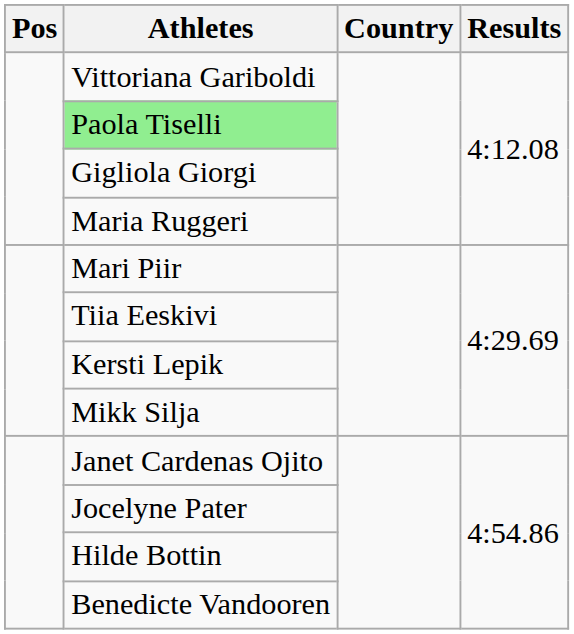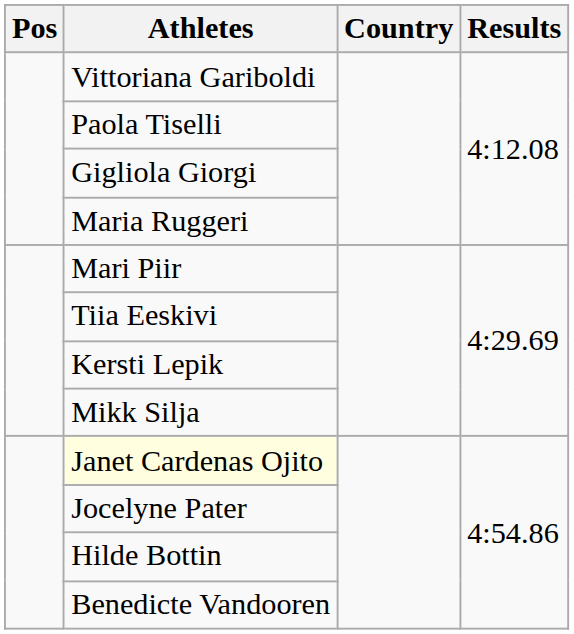 <table class="wikitable">
 <tr>
 <th>Pos</th>
 <th>Athletes</th>
 <th>Country</th>
 <th>Results</th>
 </tr>
 <tr>
 <td rowspan="4"></td>
 <td>Vittoriana Gariboldi</td>
 <td rowspan="4"></td>
 <td rowspan="4">4:12.08</td>
 </tr>
 <tr>
-<td style="background: lightgreen;">Paola Tiselli</td>
+<td>Paola Tiselli</td>
 </tr>
 <tr>
 <td>Gigliola Giorgi</td>
 </tr>
 <tr>
 <td>Maria Ruggeri</td>
 </tr>
 <tr>
 <td rowspan="4"></td>
 <td>Mari Piir</td>
 <td rowspan="4"></td>
 <td rowspan="4">4:29.69</td>
 </tr>
 <tr>
 <td>Tiia Eeskivi</td>
 </tr>
 <tr>
 <td>Kersti Lepik</td>
 </tr>
 <tr>
 <td>Mikk Silja</td>
 </tr>
 <tr>
 <td rowspan="4"></td>
-<td>Janet Cardenas Ojito</td>
+<td style="background: lightyellow;">Janet Cardenas Ojito</td>
 <td rowspan="4"></td>
 <td rowspan="4">4:54.86</td>
 </tr>
 <tr>
 <td>Jocelyne Pater</td>
 </tr>
 <tr>
 <td>Hilde Bottin</td>
 </tr>
 <tr>
 <td>Benedicte Vandooren</td>
 </tr>
 </table>
